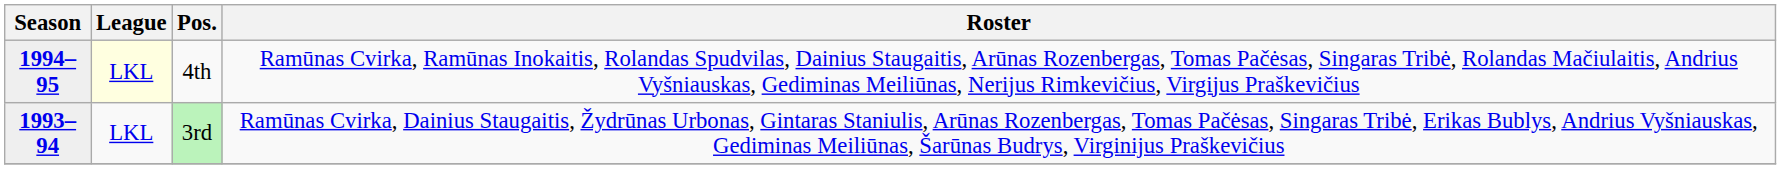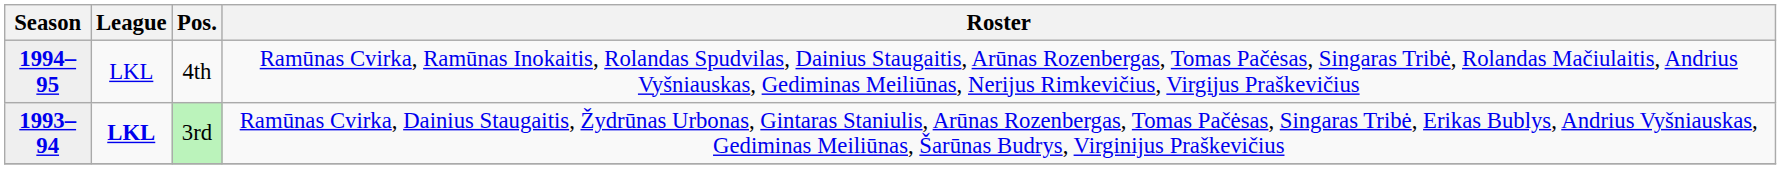 <table class="wikitable" style="text-align: center">
 <tr>
 <th>Season</th>
 <th>League</th>
 <th>Pos.</th>
 <th>Roster</th>
 </tr>
 <tr>
 <td style="background:#efefef;"><strong><a href='#'>1994–95</a></strong></td>
-<td style="background: lightyellow;"><a href='#'>LKL</a></td>
+<td><a href='#'>LKL</a></td>
 <td>4th</td>
 <td><a href='#'>Ramūnas Cvirka</a>, <a href='#'>Ramūnas Inokaitis</a>, <a href='#'>Rolandas Spudvilas</a>, <a href='#'>Dainius Staugaitis</a>, <a href='#'>Arūnas Rozenbergas</a>, <a href='#'>Tomas Pačėsas</a>, <a href='#'>Singaras Tribė</a>, <a href='#'>Rolandas Mačiulaitis</a>, <a href='#'>Andrius Vyšniauskas</a>, <a href='#'>Gediminas Meiliūnas</a>, <a href='#'>Nerijus Rimkevičius</a>, <a href='#'>Virgijus Praškevičius</a></td>
 </tr>
 <tr>
 <td style="background:#efefef;"><strong><a href='#'>1993–94</a></strong></td>
-<td><a href='#'>LKL</a></td>
+<td><strong><a href='#'>LKL</a></strong></td>
 <td style="background:#BBF3BB;">3rd</td>
 <td><a href='#'>Ramūnas Cvirka</a>, <a href='#'>Dainius Staugaitis</a>, <a href='#'>Žydrūnas Urbonas</a>, <a href='#'>Gintaras Staniulis</a>, <a href='#'>Arūnas Rozenbergas</a>, <a href='#'>Tomas Pačėsas</a>, <a href='#'>Singaras Tribė</a>, <a href='#'>Erikas Bublys</a>, <a href='#'>Andrius Vyšniauskas</a>, <a href='#'>Gediminas Meiliūnas</a>, <a href='#'>Šarūnas Budrys</a>, <a href='#'>Virginijus Praškevičius</a></td>
 </tr>
 <tr>
 </tr>
 </table>
